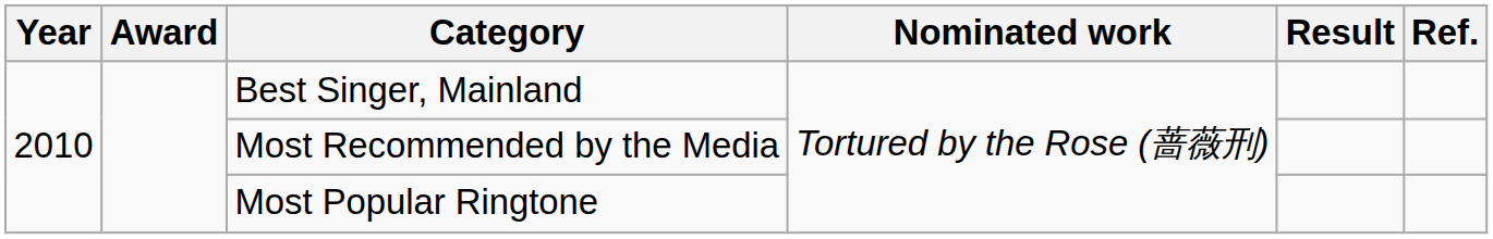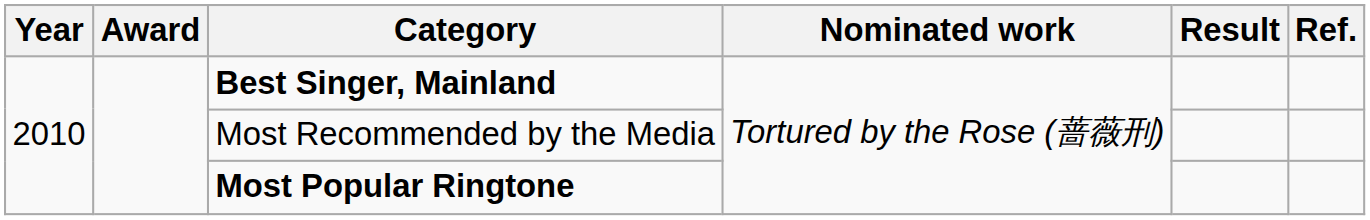 <table class="wikitable">
 <tr>
 <th>Year</th>
 <th>Award</th>
 <th>Category</th>
 <th>Nominated work</th>
 <th>Result</th>
 <th>Ref.</th>
 </tr>
 <tr>
 <td rowspan=3>2010</td>
 <td rowspan=3></td>
-<td>Best Singer, Mainland</td>
+<td><strong>Best Singer, Mainland</strong></td>
 <td rowspan=3><em>Tortured by the Rose (蔷薇刑)</em></td>
 <td></td>
 <td></td>
 </tr>
 <tr>
 <td>Most Recommended by the Media</td>
 <td></td>
 <td></td>
 </tr>
 <tr>
-<td>Most Popular Ringtone</td>
+<td><strong>Most Popular Ringtone</strong></td>
 <td></td>
 <td></td>
 </tr>
 </table>
